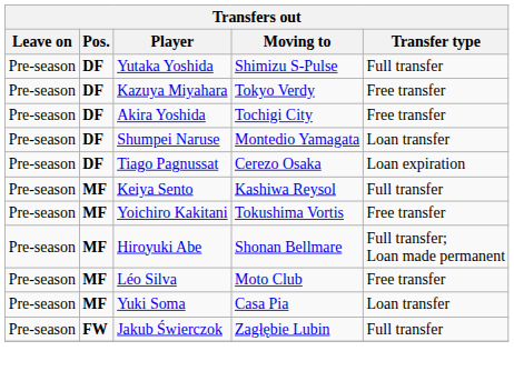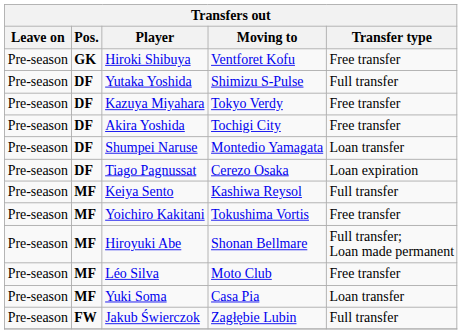 <table class="wikitable sortable" style=“text-align:left;>
 <tr>
 <th colspan="5">Transfers out</th>
 </tr>
 <tr>
 <th>Leave on</th>
 <th>Pos.</th>
 <th>Player</th>
 <th>Moving to</th>
 <th>Transfer type</th>
+</tr>
+<tr>
+<td>Pre-season</td>
+<td><strong>GK</strong></td>
+<td> <a href='#'>Hiroki Shibuya</a></td>
+<td> <a href='#'>Ventforet Kofu</a></td>
+<td>Free transfer</td>
 </tr>
 <tr>
 <td>Pre-season</td>
 <td><strong>DF</strong></td>
 <td> <a href='#'>Yutaka Yoshida</a></td>
 <td> <a href='#'>Shimizu S-Pulse</a></td>
 <td>Full transfer</td>
 </tr>
 <tr>
 <td>Pre-season</td>
 <td><strong>DF</strong></td>
 <td> <a href='#'>Kazuya Miyahara</a></td>
 <td> <a href='#'>Tokyo Verdy</a></td>
 <td>Free transfer</td>
 </tr>
 <tr>
 <td>Pre-season</td>
 <td><strong>DF</strong></td>
 <td> <a href='#'>Akira Yoshida</a></td>
 <td> <a href='#'>Tochigi City</a></td>
 <td>Free transfer</td>
 </tr>
 <tr>
 <td>Pre-season</td>
 <td><strong>DF</strong></td>
 <td> <a href='#'>Shumpei Naruse</a></td>
 <td> <a href='#'>Montedio Yamagata</a></td>
 <td>Loan transfer</td>
 </tr>
 <tr>
 <td>Pre-season</td>
 <td><strong>DF</strong></td>
 <td> <a href='#'>Tiago Pagnussat</a></td>
 <td> <a href='#'>Cerezo Osaka</a></td>
 <td>Loan expiration</td>
 </tr>
 <tr>
 <td>Pre-season</td>
 <td><strong>MF</strong></td>
 <td> <a href='#'>Keiya Sento</a></td>
 <td> <a href='#'>Kashiwa Reysol</a></td>
 <td>Full transfer</td>
 </tr>
 <tr>
 <td>Pre-season</td>
 <td><strong>MF</strong></td>
 <td> <a href='#'>Yoichiro Kakitani</a></td>
 <td> <a href='#'>Tokushima Vortis</a></td>
 <td>Free transfer</td>
 </tr>
 <tr>
 <td>Pre-season</td>
 <td><strong>MF</strong></td>
 <td> <a href='#'>Hiroyuki Abe</a></td>
 <td> <a href='#'>Shonan Bellmare</a></td>
 <td>Full transfer;<br> Loan made permanent</td>
 </tr>
 <tr>
 <td>Pre-season</td>
 <td><strong>MF</strong></td>
 <td> <a href='#'>Léo Silva</a></td>
 <td> <a href='#'>Moto Club</a></td>
 <td>Free transfer</td>
 </tr>
 <tr>
 <td>Pre-season</td>
 <td><strong>MF</strong></td>
 <td> <a href='#'>Yuki Soma</a></td>
 <td> <a href='#'>Casa Pia</a></td>
 <td>Loan transfer</td>
 </tr>
 <tr>
 <td>Pre-season</td>
 <td><strong>FW</strong></td>
 <td> <a href='#'>Jakub Świerczok</a></td>
 <td> <a href='#'>Zagłębie Lubin</a></td>
 <td>Full transfer</td>
 </tr>
 <tr>
 </tr>
 </table>
